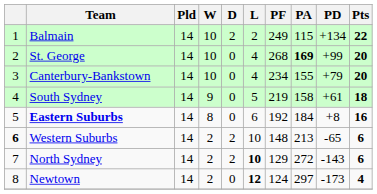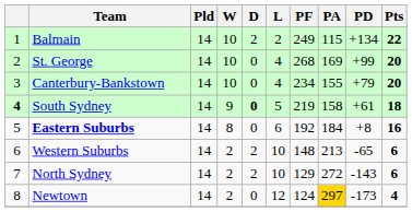 <table class="wikitable" style="text-align:center;">
 <tr>
 <th width=20 abbr="Position"></th>
 <th width=175>Team</th>
 <th width=20 abbr="Played">Pld</th>
 <th width=20 abbr="Won">W</th>
 <th width=20 abbr="Drawn">D</th>
 <th width=20 abbr="Lost">L</th>
 <th width=20 abbr="Points for">PF</th>
 <th width=20 abbr="Points against">PA</th>
 <th width=20 abbr="Points difference">PD</th>
 <th width=20 abbr="Points">Pts</th>
 </tr>
 <tr style="background: #ccffcc;">
 <td>1</td>
 <td style="text-align:left;"> <a href='#'>Balmain</a></td>
 <td>14</td>
 <td>10</td>
 <td>2</td>
 <td>2</td>
 <td>249</td>
 <td>115</td>
 <td>+134</td>
 <td><strong>22</strong></td>
 </tr>
 <tr style="background: #ccffcc;">
 <td>2</td>
 <td style="text-align:left;"> <a href='#'>St. George</a></td>
 <td>14</td>
 <td>10</td>
 <td>0</td>
 <td>4</td>
 <td>268</td>
-<td><strong>169</strong></td>
+<td>169</td>
 <td>+99</td>
 <td><strong>20</strong></td>
 </tr>
 <tr style="background: #ccffcc;">
 <td>3</td>
 <td style="text-align:left;"> <a href='#'>Canterbury-Bankstown</a></td>
 <td>14</td>
 <td>10</td>
 <td>0</td>
 <td>4</td>
 <td>234</td>
 <td>155</td>
 <td>+79</td>
 <td><strong>20</strong></td>
 </tr>
 <tr style="background: #ccffcc;">
-<td>4</td>
+<td><strong>4</strong></td>
 <td style="text-align:left;"> <a href='#'>South Sydney</a></td>
 <td>14</td>
 <td>9</td>
-<td>0</td>
+<td><strong>0</strong></td>
 <td>5</td>
 <td>219</td>
 <td>158</td>
 <td>+61</td>
 <td><strong>18</strong></td>
 </tr>
 <tr>
 <td>5</td>
 <td style="text-align:left;"> <strong><a href='#'>Eastern Suburbs</a></strong></td>
 <td>14</td>
 <td>8</td>
 <td>0</td>
 <td>6</td>
 <td>192</td>
 <td>184</td>
 <td>+8</td>
 <td><strong>16</strong></td>
 </tr>
 <tr>
-<td><strong>6</strong></td>
+<td>6</td>
 <td style="text-align:left;"> <a href='#'>Western Suburbs</a></td>
 <td>14</td>
 <td>2</td>
 <td>2</td>
 <td>10</td>
 <td>148</td>
 <td>213</td>
 <td>-65</td>
 <td><strong>6</strong></td>
 </tr>
 <tr>
 <td>7</td>
 <td style="text-align:left;"> <a href='#'>North Sydney</a></td>
 <td>14</td>
 <td>2</td>
 <td>2</td>
-<td><strong>10</strong></td>
+<td>10</td>
 <td>129</td>
 <td>272</td>
 <td>-143</td>
 <td><strong>6</strong></td>
 </tr>
 <tr>
 <td>8</td>
 <td style="text-align:left;"> <a href='#'>Newtown</a></td>
 <td>14</td>
 <td>2</td>
 <td>0</td>
-<td><strong>12</strong></td>
+<td>12</td>
 <td>124</td>
-<td>297</td>
+<td style="background: gold;">297</td>
 <td>-173</td>
 <td><strong>4</strong></td>
 </tr>
 <tr>
 </tr>
 </table>
